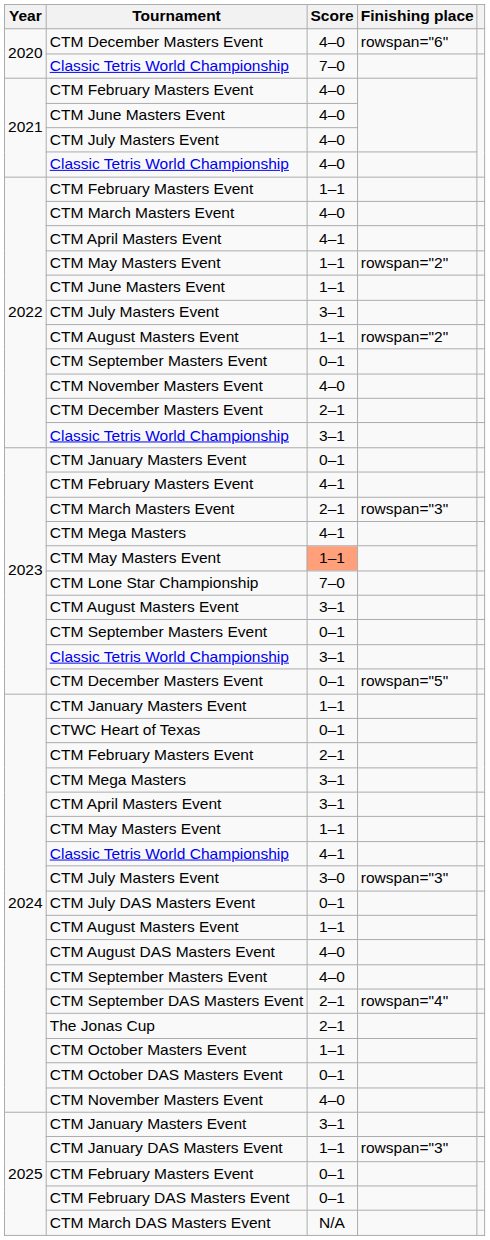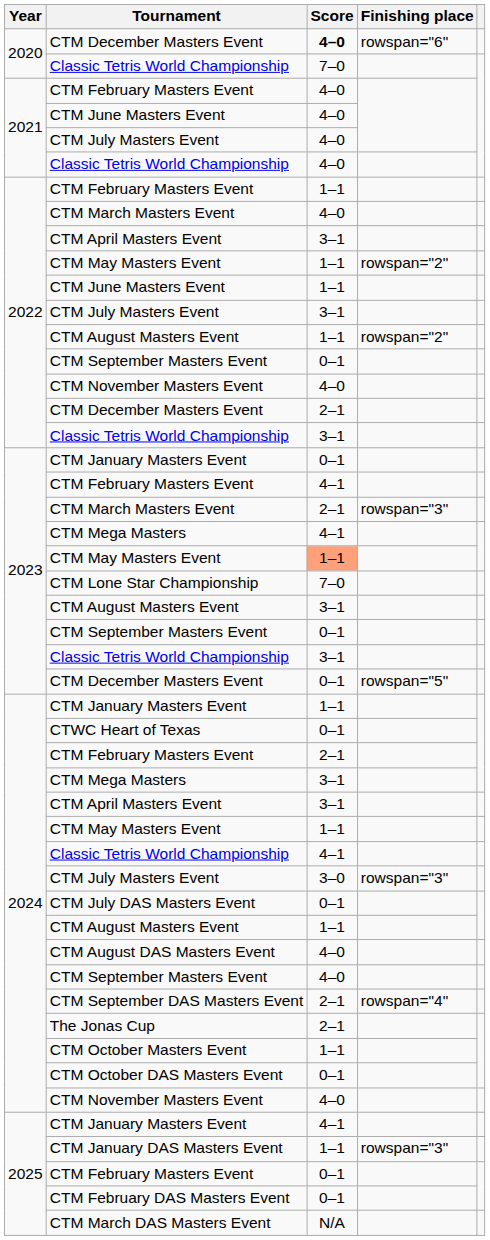 <table class="sortable wikitable plainrowheaders">
 <tr>
 <th scope="col">Year</th>
 <th scope="col">Tournament</th>
 <th scope="col">Score</th>
 <th scope="col">Finishing place</th>
 <th scope="col" align="center" class=unsortable></th>
 </tr>
 <tr>
 <td rowspan="2">2020</td>
 <td>CTM December Masters Event</td>
-<td align="center">4–0</td>
+<td align="center"><strong>4–0</strong></td>
 <td>rowspan="6" </td>
 <td align="center"></td>
 </tr>
 <tr>
 <td><a href='#'>Classic Tetris World Championship</a></td>
 <td align="center">7–0</td>
 <td align="center"></td>
 </tr>
 <tr>
 <td rowspan="4">2021</td>
 <td>CTM February Masters Event</td>
 <td align="center">4–0</td>
 <td align="center" rowspan="3"></td>
 </tr>
 <tr>
 <td>CTM June Masters Event</td>
 <td align="center">4–0</td>
 </tr>
 <tr>
 <td>CTM July Masters Event</td>
 <td align="center">4–0</td>
 </tr>
 <tr>
 <td><a href='#'>Classic Tetris World Championship</a></td>
 <td align="center">4–0</td>
 <td align="center"></td>
 </tr>
 <tr>
 <td rowspan="11">2022</td>
 <td>CTM February Masters Event</td>
 <td align="center">1–1</td>
 <td></td>
 <td align="center"></td>
 </tr>
 <tr>
 <td>CTM March Masters Event</td>
 <td align="center">4–0</td>
 <td></td>
 <td align="center"></td>
 </tr>
 <tr>
 <td>CTM April Masters Event</td>
-<td align="center">4–1</td>
+<td align="center">3–1</td>
 <td></td>
 <td align="center"></td>
 </tr>
 <tr>
 <td>CTM May Masters Event</td>
 <td align="center">1–1</td>
 <td>rowspan="2" </td>
 <td align="center"></td>
 </tr>
 <tr>
 <td>CTM June Masters Event</td>
 <td align="center">1–1</td>
 <td align="center"></td>
 </tr>
 <tr>
 <td>CTM July Masters Event</td>
 <td align="center">3–1</td>
 <td></td>
 <td align="center"></td>
 </tr>
 <tr>
 <td>CTM August Masters Event</td>
 <td align="center">1–1</td>
 <td>rowspan="2" </td>
 <td align="center"></td>
 </tr>
 <tr>
 <td>CTM September Masters Event</td>
 <td align="center">0–1</td>
 <td align="center"></td>
 </tr>
 <tr>
 <td>CTM November Masters Event</td>
 <td align="center">4–0</td>
 <td></td>
 <td align="center"></td>
 </tr>
 <tr>
 <td>CTM December Masters Event</td>
 <td align="center">2–1</td>
 <td></td>
 <td align="center"></td>
 </tr>
 <tr>
 <td><a href='#'>Classic Tetris World Championship</a></td>
 <td align="center">3–1</td>
 <td></td>
 <td align="center"></td>
 </tr>
 <tr>
 <td rowspan="10">2023</td>
 <td>CTM January Masters Event</td>
 <td align="center">0–1</td>
 <td></td>
 <td align="center"></td>
 </tr>
 <tr>
 <td>CTM February Masters Event</td>
 <td align="center">4–1</td>
 <td></td>
 <td align="center"></td>
 </tr>
 <tr>
 <td>CTM March Masters Event</td>
 <td align="center">2–1</td>
 <td>rowspan="3" </td>
 <td align="center"></td>
 </tr>
 <tr>
 <td>CTM Mega Masters</td>
 <td align="center">4–1</td>
 <td align="center"></td>
 </tr>
 <tr>
 <td>CTM May Masters Event</td>
 <td align="center" style="background: lightsalmon;">1–1</td>
 <td align="center"></td>
 </tr>
 <tr>
 <td>CTM Lone Star Championship</td>
 <td align="center">7–0</td>
 <td></td>
 <td align="center"></td>
 </tr>
 <tr>
 <td>CTM August Masters Event</td>
 <td align="center">3–1</td>
 <td></td>
 <td align="center"></td>
 </tr>
 <tr>
 <td>CTM September Masters Event</td>
 <td align="center">0–1</td>
 <td></td>
 <td align="center"></td>
 </tr>
 <tr>
 <td><a href='#'>Classic Tetris World Championship</a></td>
 <td align="center">3–1</td>
 <td></td>
 <td align="center"></td>
 </tr>
 <tr>
 <td>CTM December Masters Event</td>
 <td align="center">0–1</td>
 <td>rowspan="5" </td>
 <td align="center"></td>
 </tr>
 <tr>
 <td rowspan="17">2024</td>
 <td>CTM January Masters Event</td>
 <td align="center">1–1</td>
 <td align="center"></td>
 </tr>
 <tr>
 <td>CTWC Heart of Texas</td>
 <td align="center">0–1</td>
 <td align="center"></td>
 </tr>
 <tr>
 <td>CTM February Masters Event</td>
 <td align="center">2–1</td>
 <td align="center"></td>
 </tr>
 <tr>
 <td>CTM Mega Masters</td>
 <td align="center">3–1</td>
 <td align="center"></td>
 </tr>
 <tr>
 <td>CTM April Masters Event</td>
 <td align="center">3–1</td>
 <td></td>
 <td align="center"></td>
 </tr>
 <tr>
 <td>CTM May Masters Event</td>
 <td align="center">1–1</td>
 <td></td>
 <td align="center"></td>
 </tr>
 <tr>
 <td><a href='#'>Classic Tetris World Championship</a></td>
 <td align="center">4–1</td>
 <td></td>
 <td align="center"></td>
 </tr>
 <tr>
 <td>CTM July Masters Event</td>
 <td align="center">3–0</td>
 <td>rowspan="3" </td>
 <td align="center"></td>
 </tr>
 <tr>
 <td>CTM July DAS Masters Event</td>
 <td align="center">0–1</td>
 <td align="center"></td>
 </tr>
 <tr>
 <td>CTM August Masters Event</td>
 <td align="center">1–1</td>
 <td align="center"></td>
 </tr>
 <tr>
 <td>CTM August DAS Masters Event</td>
 <td align="center">4–0</td>
 <td></td>
 <td align="center"></td>
 </tr>
 <tr>
 <td>CTM September Masters Event</td>
 <td align="center">4–0</td>
 <td></td>
 <td align="center"></td>
 </tr>
 <tr>
 <td>CTM September DAS Masters Event</td>
 <td align="center">2–1</td>
 <td>rowspan="4" </td>
 <td align="center"></td>
 </tr>
 <tr>
 <td>The Jonas Cup</td>
 <td align="center">2–1</td>
 <td align="center"></td>
 </tr>
 <tr>
 <td>CTM October Masters Event</td>
 <td align="center">1–1</td>
 <td align="center"></td>
 </tr>
 <tr>
 <td>CTM October DAS Masters Event</td>
 <td align="center">0–1</td>
 <td align="center"></td>
 </tr>
 <tr>
 <td>CTM November Masters Event</td>
 <td align="center">4–0</td>
 <td></td>
 <td align="center"></td>
 </tr>
 <tr>
 <td rowspan="5">2025</td>
 <td>CTM January Masters Event</td>
-<td align="center">3–1</td>
+<td align="center">4–1</td>
 <td></td>
 <td align="center"></td>
 </tr>
 <tr>
 <td>CTM January DAS Masters Event</td>
 <td align="center">1–1</td>
 <td>rowspan="3" </td>
 <td align="center"></td>
 </tr>
 <tr>
 <td>CTM February Masters Event</td>
 <td align="center">0–1</td>
 <td align="center"></td>
 </tr>
 <tr>
 <td>CTM February DAS Masters Event</td>
 <td align="center">0–1</td>
 <td align="center"></td>
 </tr>
 <tr>
 <td>CTM March DAS Masters Event</td>
 <td align="center">N/A</td>
 <td></td>
 <td align="center"></td>
 </tr>
 </table>
